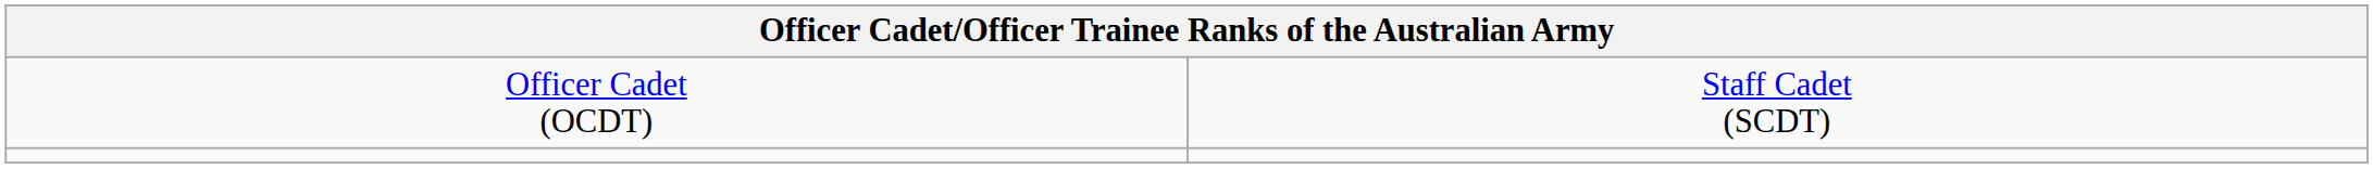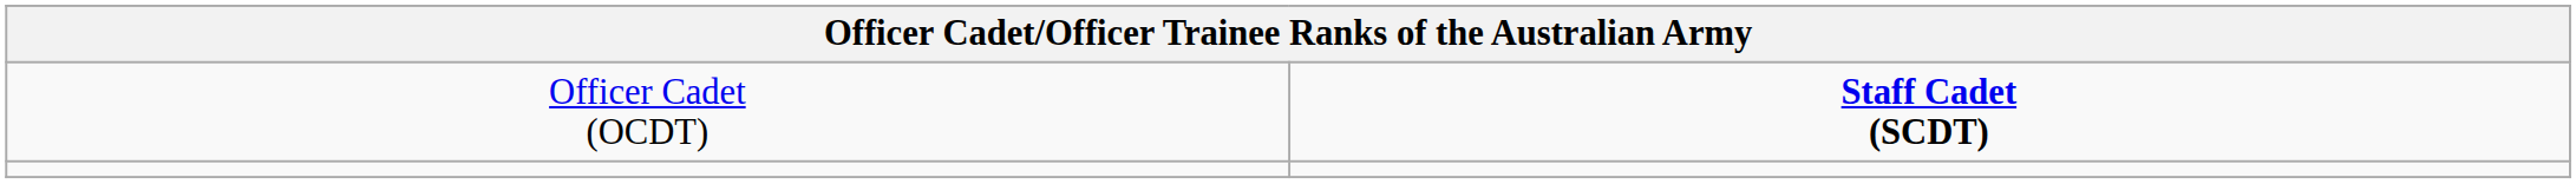 <table class="wikitable"  style="margin:0.2em auto; width:90%;">
 <tr>
 <th colspan=2>Officer Cadet/Officer Trainee Ranks of the Australian Army</th>
 </tr>
 <tr align=center>
 <td width="50%"><a href='#'>Officer Cadet</a><br>(OCDT)</td>
-<td width="50%"><a href='#'>Staff Cadet</a><br>(SCDT)</td>
+<td width="50%"><strong><a href='#'>Staff Cadet</a><br>(SCDT)</strong></td>
 </tr>
 <tr style="text-align:center;">
 <td></td>
 <td></td>
 </tr>
 </table>
